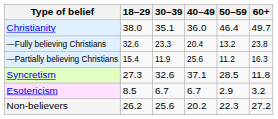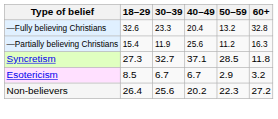 <table class="wikitable sortable">
 <tr>
 <th rowspan="1">Type of belief</th>
 <th colspan="1">18–29</th>
 <th colspan="1">30–39</th>
 <th colspan="1">40–49</th>
 <th colspan="1">50–59</th>
 <th colspan="1">60+</th>
 </tr>
 <tr>
-<td style="background:#E0F0FF;"><a href='#'>Christianity</a></td>
-<td>38.0</td>
-<td>35.1</td>
-<td>36.0</td>
-<td>46.4</td>
-<td>49.7</td>
-</tr>
-<tr>
 <td style="background:#E0F0FF;"><small>—Fully believing Christians</small></td>
 <td><small>32.6</small></td>
 <td><small>23.3</small></td>
 <td><small>20.4</small></td>
 <td><small>13.2</small></td>
-<td><small>23.8</small></td>
+<td><small>32.8</small></td>
 </tr>
 <tr>
 <td style="background:#E0F0FF;"><small>—Partially believing Christians</small></td>
 <td><small>15.4</small></td>
 <td><small>11.9</small></td>
 <td><small>25.6</small></td>
 <td><small>11.2</small></td>
 <td><small>16.3</small></td>
 </tr>
 <tr>
 <td style="background:#E0FFC0;"><a href='#'>Syncretism</a></td>
 <td>27.3</td>
-<td>32.6</td>
+<td>32.7</td>
 <td>37.1</td>
 <td>28.5</td>
 <td>11.8</td>
 </tr>
 <tr>
 <td style="background:#FFE0FF;"><a href='#'>Esotericism</a></td>
 <td>8.5</td>
 <td>6.7</td>
 <td>6.7</td>
 <td>2.9</td>
 <td>3.2</td>
 </tr>
 <tr>
 <td style="background:#F5F5F5;">Non-believers</td>
-<td>26.2</td>
+<td>26.4</td>
 <td>25.6</td>
 <td>20.2</td>
 <td>22.3</td>
 <td>27.2</td>
 </tr>
 </table>
